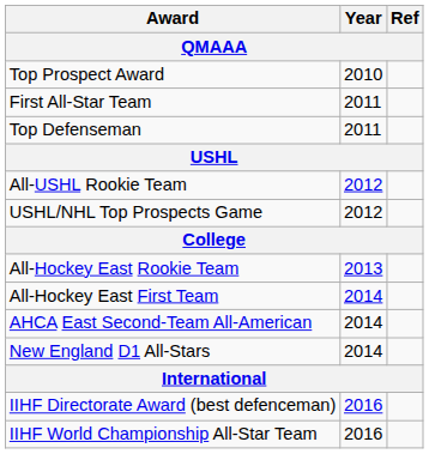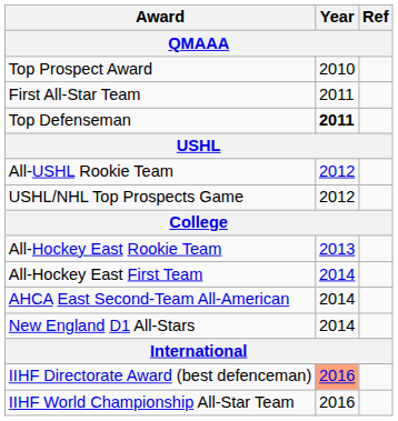 <table class="wikitable">
 <tr>
 <th>Award</th>
 <th>Year</th>
 <th>Ref</th>
 </tr>
 <tr>
 <th colspan="3"><a href='#'>QMAAA</a></th>
 </tr>
 <tr>
 <td>Top Prospect Award</td>
 <td>2010</td>
 <td></td>
 </tr>
 <tr>
 <td>First All-Star Team</td>
 <td>2011</td>
 <td></td>
 </tr>
 <tr>
 <td>Top Defenseman</td>
-<td>2011</td>
+<td><strong>2011</strong></td>
 <td></td>
 </tr>
 <tr>
 <th colspan="3"><a href='#'>USHL</a></th>
 </tr>
 <tr>
 <td>All-<a href='#'>USHL</a> Rookie Team</td>
 <td><a href='#'>2012</a></td>
 <td></td>
 </tr>
 <tr>
 <td>USHL/NHL Top Prospects Game</td>
 <td>2012</td>
 <td></td>
 </tr>
 <tr>
 <th colspan="3"><a href='#'>College</a></th>
 </tr>
 <tr>
 <td>All-<a href='#'>Hockey East</a> <a href='#'>Rookie Team</a></td>
 <td><a href='#'>2013</a></td>
 <td></td>
 </tr>
 <tr>
 <td>All-Hockey East <a href='#'>First Team</a></td>
 <td><a href='#'>2014</a></td>
 <td></td>
 </tr>
 <tr>
 <td><a href='#'>AHCA</a> <a href='#'>East Second-Team All-American</a></td>
 <td>2014</td>
 <td></td>
 </tr>
 <tr>
 <td><a href='#'>New England</a> <a href='#'>D1</a> All-Stars</td>
 <td>2014</td>
 <td></td>
 </tr>
 <tr>
 <th colspan="3"><a href='#'>International</a></th>
 </tr>
 <tr>
 <td><a href='#'>IIHF Directorate Award</a> (best defenceman)</td>
-<td><a href='#'>2016</a></td>
+<td style="background: lightsalmon;"><a href='#'>2016</a></td>
 <td></td>
 </tr>
 <tr>
 <td><a href='#'>IIHF World Championship</a> All-Star Team</td>
 <td>2016</td>
 <td></td>
 </tr>
 </table>
